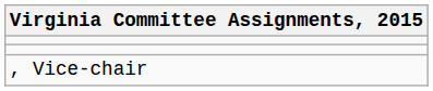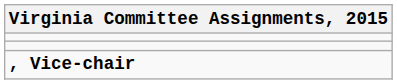 <table class="wikitable collapsible collapsed">
 <tr>
 <th><strong>Virginia Committee Assignments, 2015</strong></th>
 </tr>
 <tr>
 <td></td>
 </tr>
 <tr>
 <td></td>
 </tr>
 <tr>
-<td>, Vice-chair</td>
+<td><strong>, Vice-chair</strong></td>
 </tr>
 </table>
